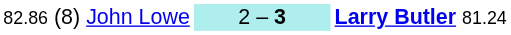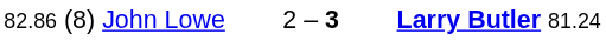 <table style="text-align:center">
 <tr>
 <th width=223></th>
 <th width=100></th>
 <th width=223></th>
 </tr>
 <tr>
 <td align=right><small>82.86</small> (8) <a href='#'>John Lowe</a> </td>
-<td style="background: paleturquoise;">2 – <strong>3</strong></td>
+<td>2 – <strong>3</strong></td>
 <td align=left> <strong><a href='#'>Larry Butler</a></strong> <small>81.24</small></td>
 </tr>
 </table>
